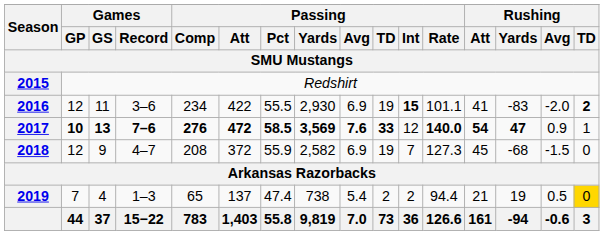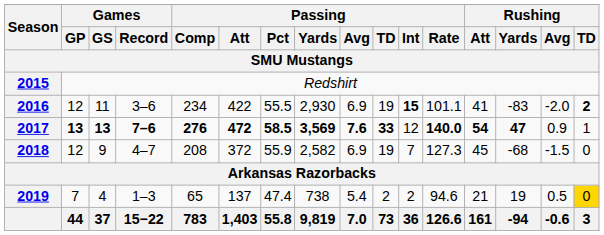 <table class="wikitable" style="text-align:center;">
 <tr College statistics>
 </tr>
 <tr>
 <th rowspan="2">Season</th>
 <th colspan="3">Games</th>
 <th colspan="8">Passing</th>
 <th colspan="5">Rushing</th>
 </tr>
 <tr>
 <th>GP</th>
 <th>GS</th>
 <th>Record</th>
 <th>Comp</th>
 <th>Att</th>
 <th>Pct</th>
 <th>Yards</th>
 <th>Avg</th>
 <th>TD</th>
 <th>Int</th>
 <th>Rate</th>
 <th>Att</th>
 <th>Yards</th>
 <th>Avg</th>
 <th>TD</th>
 </tr>
 <tr>
 <th colspan="16">SMU Mustangs</th>
 </tr>
 <tr>
 <th><a href='#'>2015</a></th>
 <td colspan="15"><em>Redshirt </em></td>
 </tr>
 <tr>
 <th><a href='#'>2016</a></th>
 <td>12</td>
 <td>11</td>
 <td>3–6</td>
 <td>234</td>
 <td>422</td>
 <td>55.5</td>
 <td>2,930</td>
 <td>6.9</td>
 <td>19</td>
 <td><strong>15</strong></td>
 <td>101.1</td>
 <td>41</td>
 <td>-83</td>
 <td>-2.0</td>
 <td><strong>2</strong></td>
 </tr>
 <tr>
 <th><a href='#'>2017</a></th>
-<td><strong>10</strong></td>
+<td><strong>13</strong></td>
 <td><strong>13</strong></td>
 <td><strong>7–6</strong></td>
 <td><strong>276</strong></td>
 <td><strong>472</strong></td>
 <td><strong>58.5</strong></td>
 <td><strong>3,569</strong></td>
 <td><strong>7.6</strong></td>
 <td><strong>33</strong></td>
 <td>12</td>
 <td><strong>140.0</strong></td>
 <td><strong>54</strong></td>
 <td><strong>47</strong></td>
 <td>0.9</td>
 <td>1</td>
 </tr>
 <tr>
 <th><a href='#'>2018</a></th>
 <td>12</td>
 <td>9</td>
 <td>4–7</td>
 <td>208</td>
 <td>372</td>
 <td>55.9</td>
 <td>2,582</td>
 <td>6.9</td>
 <td>19</td>
 <td>7</td>
 <td>127.3</td>
 <td>45</td>
 <td>-68</td>
 <td>-1.5</td>
 <td>0</td>
 </tr>
 <tr>
 <th colspan="16">Arkansas Razorbacks</th>
 </tr>
 <tr>
 <th><a href='#'>2019</a></th>
 <td>7</td>
 <td>4</td>
 <td>1–3</td>
 <td>65</td>
 <td>137</td>
 <td>47.4</td>
 <td>738</td>
 <td>5.4</td>
 <td>2</td>
 <td>2</td>
-<td>94.4</td>
+<td>94.6</td>
 <td>21</td>
 <td>19</td>
 <td>0.5</td>
 <td style="background: gold;">0</td>
 </tr>
 <tr>
 <th></th>
 <th>44</th>
 <th>37</th>
 <th>15−22</th>
 <th>783</th>
 <th>1,403</th>
 <th>55.8</th>
 <th>9,819</th>
 <th>7.0</th>
 <th>73</th>
 <th>36</th>
 <th>126.6</th>
 <th>161</th>
 <th>-94</th>
 <th>-0.6</th>
 <th>3</th>
 </tr>
 </table>
